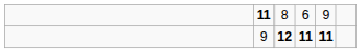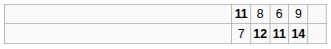 <table class="wikitable">
 <tr>
 <td style="width:18em"></td>
 <td align=center style="width:1em"><strong>11</strong></td>
 <td align=center style="width:1em">8</td>
 <td align=center style="width:1em">6</td>
 <td align=center style="width:1em">9</td>
 <td align=center style="width:1em"></td>
 </tr>
 <tr>
 <td style="width:18em"><strong> </strong></td>
-<td align=center style="width:1em">9</td>
+<td align=center style="width:1em">7</td>
 <td align=center style="width:1em"><strong>12</strong></td>
 <td align=center style="width:1em"><strong>11</strong></td>
-<td align=center style="width:1em"><strong>11</strong></td>
+<td align=center style="width:1em"><strong>14</strong></td>
 <td align=center style="width:1em"></td>
 </tr>
 </table>
